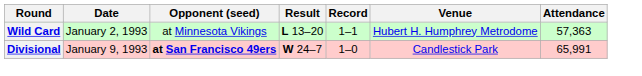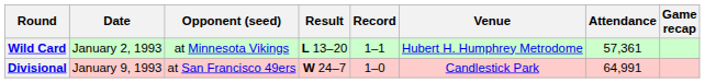 <table class="wikitable" style="text-align:center">
 <tr>
 <th>Round</th>
 <th>Date</th>
 <th>Opponent (seed)</th>
 <th>Result</th>
 <th>Record</th>
 <th>Venue</th>
 <th>Attendance</th>
+<th>Game<br>recap</th>
 </tr>
 <tr style="background:#cfc">
 <th><a href='#'>Wild Card</a></th>
 <td>January 2, 1993</td>
 <td>at <a href='#'>Minnesota Vikings</a></td>
 <td><strong>L</strong> 13–20</td>
 <td>1–1</td>
 <td><a href='#'>Hubert H. Humphrey Metrodome</a></td>
-<td>57,363</td>
+<td>57,361</td>
+<td></td>
 </tr>
 <tr style="background:#fcc">
 <th><a href='#'>Divisional</a></th>
 <td>January 9, 1993</td>
-<td><strong>at <a href='#'>San Francisco 49ers</a></strong></td>
+<td>at <a href='#'>San Francisco 49ers</a></td>
 <td><strong>W</strong> 24–7</td>
 <td>1–0</td>
 <td><a href='#'>Candlestick Park</a></td>
-<td>65,991</td>
+<td>64,991</td>
+<td></td>
 </tr>
 </table>
